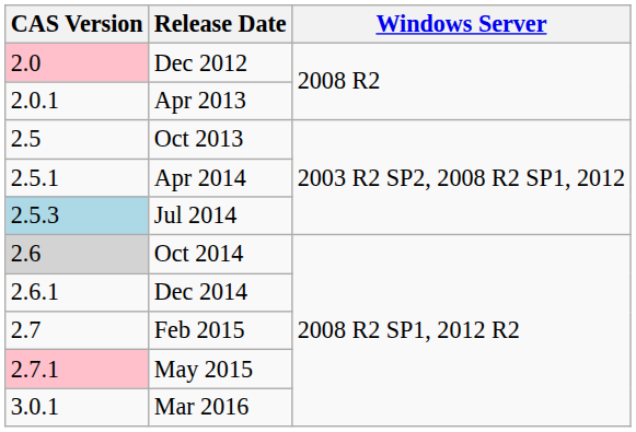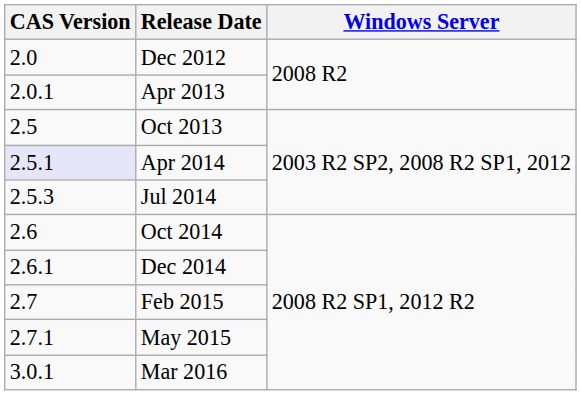 <table class="wikitable">
 <tr>
 <th>CAS Version</th>
 <th>Release Date</th>
 <th><a href='#'>Windows Server</a></th>
 </tr>
 <tr>
-<td style="background: pink;">2.0</td>
+<td>2.0</td>
 <td>Dec 2012</td>
 <td rowspan="2">2008 R2</td>
 </tr>
 <tr>
 <td>2.0.1</td>
 <td>Apr 2013</td>
 </tr>
 <tr>
 <td>2.5</td>
 <td>Oct 2013</td>
 <td rowspan="3">2003 R2 SP2, 2008 R2 SP1, 2012</td>
 </tr>
 <tr>
-<td>2.5.1</td>
+<td style="background: lavender;">2.5.1</td>
 <td>Apr 2014</td>
 </tr>
 <tr>
-<td style="background: lightblue;">2.5.3</td>
+<td>2.5.3</td>
 <td>Jul 2014</td>
 </tr>
 <tr>
-<td style="background: lightgrey;">2.6</td>
+<td>2.6</td>
 <td>Oct 2014</td>
 <td rowspan="5">2008 R2 SP1, 2012 R2</td>
 </tr>
 <tr>
 <td>2.6.1</td>
 <td>Dec 2014</td>
 </tr>
 <tr>
 <td>2.7</td>
 <td>Feb 2015</td>
 </tr>
 <tr>
-<td style="background: pink;">2.7.1</td>
+<td>2.7.1</td>
 <td>May 2015</td>
 </tr>
 <tr>
 <td>3.0.1</td>
 <td>Mar 2016</td>
 </tr>
 </table>
